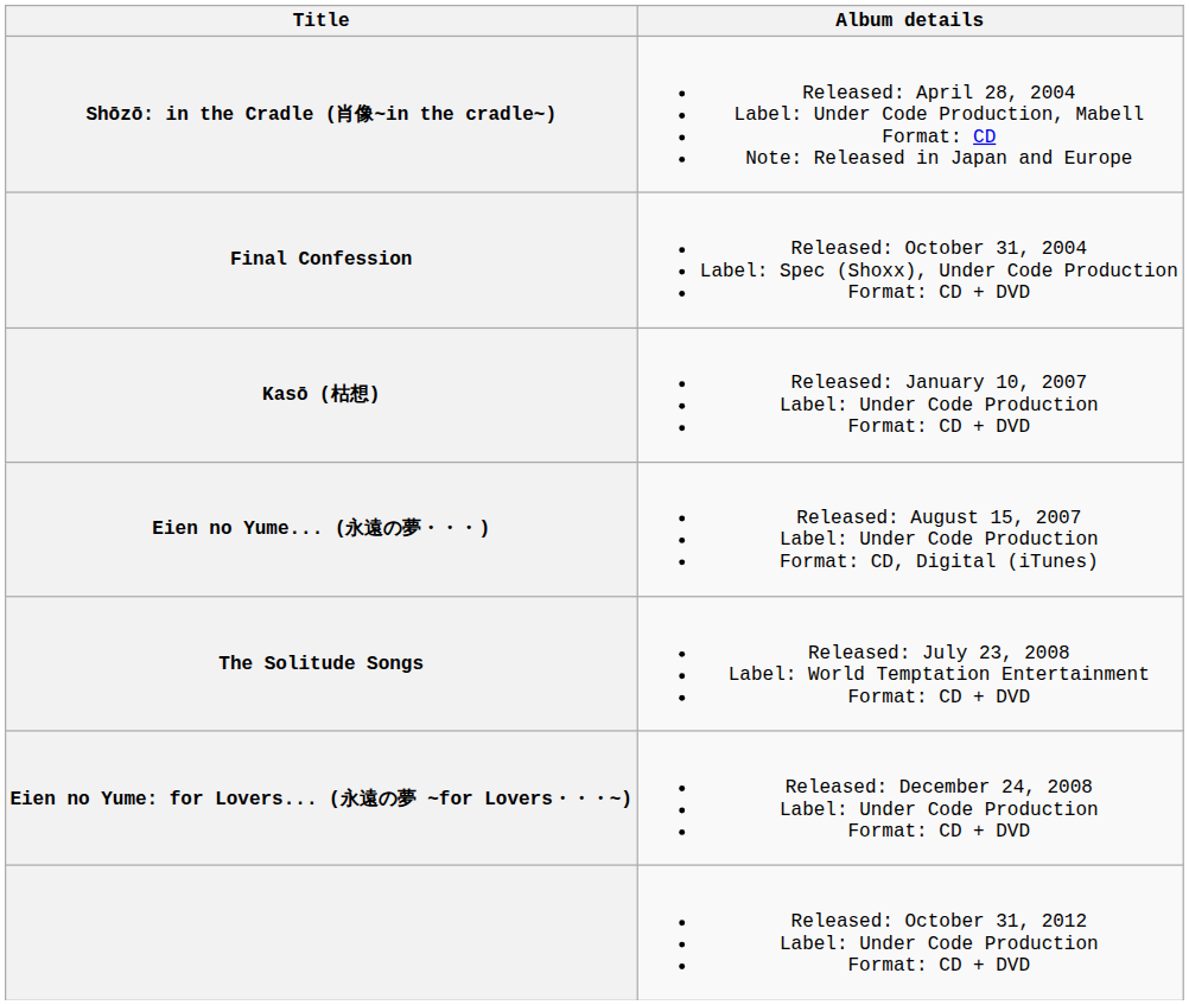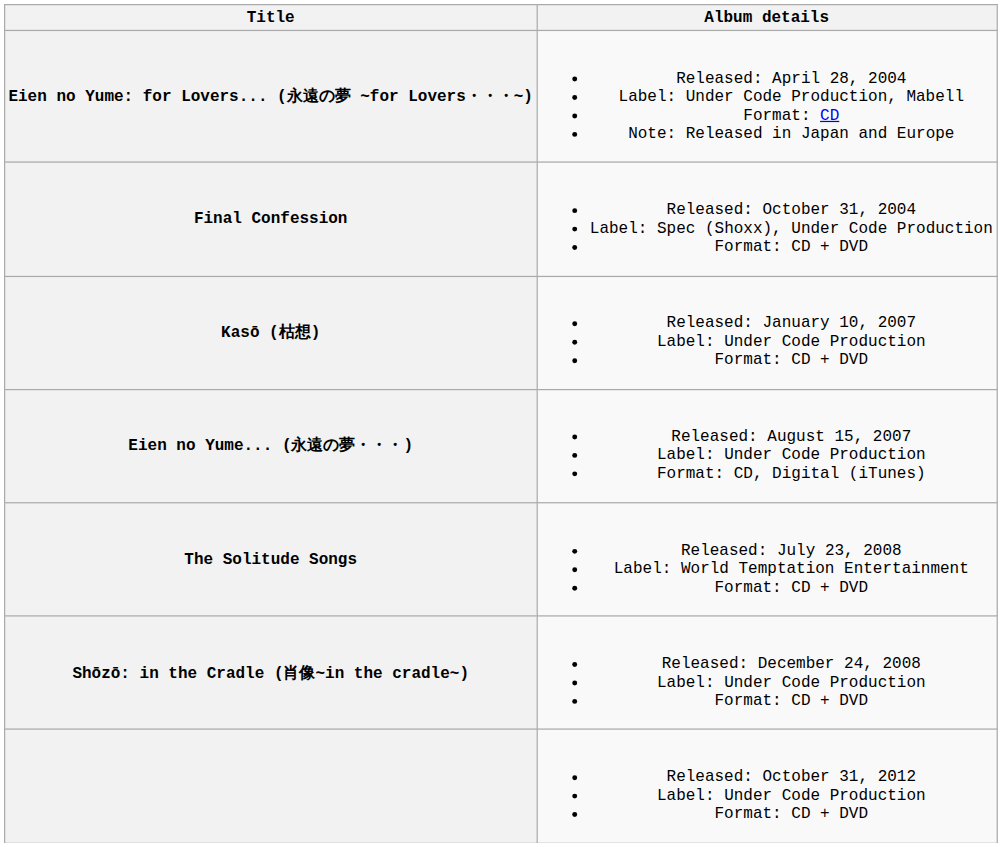 <table class="wikitable" style="text-align:center;" border="1">
 <tr>
 <th scope="col" rowspan="1">Title</th>
 <th scope="col" rowspan="1">Album details</th>
 </tr>
 <tr>
-<th scope="row">Shōzō: in the Cradle (肖像~in the cradle~)</th>
+<th scope="row">Eien no Yume: for Lovers... (永遠の夢 ~for Lovers・・・~)</th>
 <td><br><ul><li>Released: April 28, 2004</li><li>Label: Under Code Production, Mabell</li><li>Format: <a href='#'>CD</a></li><li>Note: Released in Japan and Europe</li></ul></td>
 </tr>
 <tr>
 <th scope="row">Final Confession</th>
 <td><br><ul><li>Released: October 31, 2004</li><li>Label: Spec (Shoxx), Under Code Production</li><li>Format: CD + DVD</li></ul></td>
 </tr>
 <tr>
 <th scope="row">Kasō (枯想)</th>
 <td><br><ul><li>Released: January 10, 2007</li><li>Label: Under Code Production</li><li>Format: CD + DVD</li></ul></td>
 </tr>
 <tr>
 <th scope="row">Eien no Yume... (永遠の夢・・・)</th>
 <td><br><ul><li>Released: August 15, 2007</li><li>Label: Under Code Production</li><li>Format: CD, Digital (iTunes)</li></ul></td>
 </tr>
 <tr>
 <th scope="row">The Solitude Songs</th>
 <td><br><ul><li>Released: July 23, 2008</li><li>Label: World Temptation Entertainment</li><li>Format: CD + DVD</li></ul></td>
 </tr>
 <tr>
-<th scope="row">Eien no Yume: for Lovers... (永遠の夢 ~for Lovers・・・~)</th>
+<th scope="row">Shōzō: in the Cradle (肖像~in the cradle~)</th>
 <td><br><ul><li>Released: December 24, 2008</li><li>Label: Under Code Production</li><li>Format: CD + DVD</li></ul></td>
 </tr>
 <tr>
 <th scope="row"></th>
 <td><br><ul><li>Released: October 31, 2012</li><li>Label: Under Code Production</li><li>Format: CD + DVD</li></ul></td>
 </tr>
 <tr>
 </tr>
 </table>
